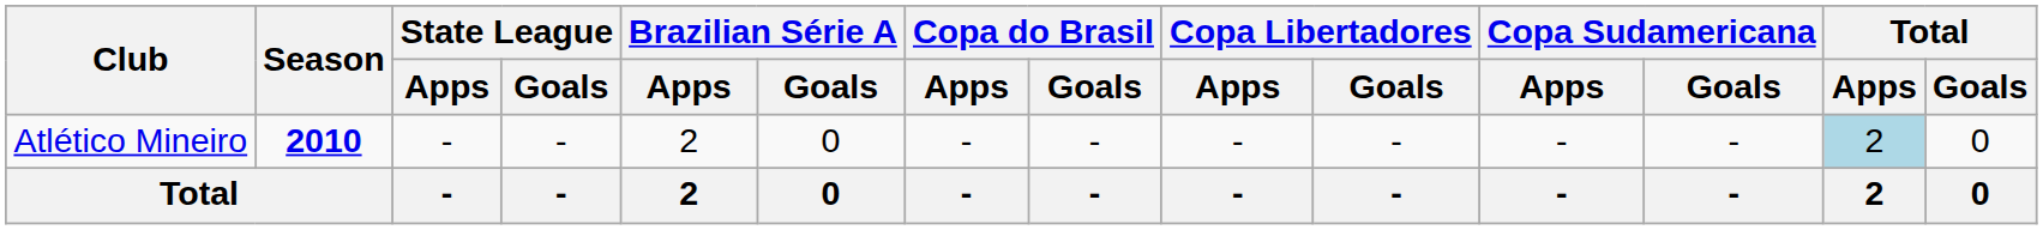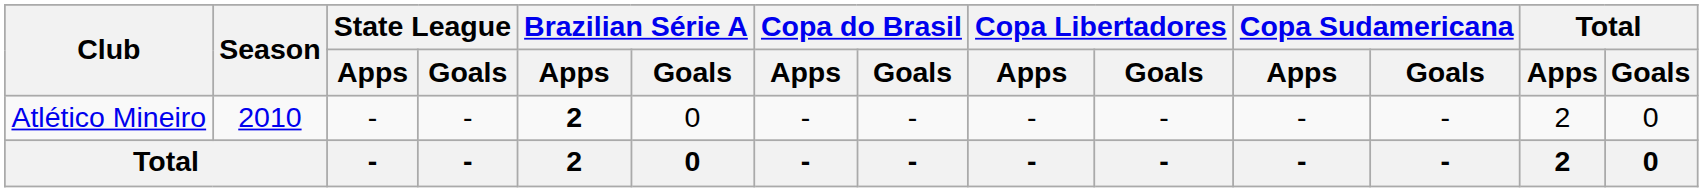 <table class="wikitable" style="text-align: center;">
 <tr>
 <th rowspan="2">Club</th>
 <th rowspan="2">Season</th>
 <th colspan="2">State League</th>
 <th colspan="2"><a href='#'>Brazilian Série A</a></th>
 <th colspan="2"><a href='#'>Copa do Brasil</a></th>
 <th colspan="2"><a href='#'>Copa Libertadores</a></th>
 <th colspan="2"><a href='#'>Copa Sudamericana</a></th>
 <th colspan="2">Total</th>
 </tr>
 <tr>
 <th>Apps</th>
 <th>Goals</th>
 <th>Apps</th>
 <th>Goals</th>
 <th>Apps</th>
 <th>Goals</th>
 <th>Apps</th>
 <th>Goals</th>
 <th>Apps</th>
 <th>Goals</th>
 <th>Apps</th>
 <th>Goals</th>
 </tr>
 <tr>
 <td rowspan="1" valign="center"><a href='#'>Atlético Mineiro</a></td>
-<td><strong><a href='#'>2010</a></strong></td>
+<td><a href='#'>2010</a></td>
 <td>-</td>
 <td>-</td>
-<td>2</td>
+<td><strong>2</strong></td>
 <td>0</td>
 <td>-</td>
 <td>-</td>
 <td>-</td>
 <td>-</td>
 <td>-</td>
 <td>-</td>
-<td style="background: lightblue;">2</td>
+<td>2</td>
 <td>0</td>
 </tr>
 <tr>
 <th colspan="2"><strong>Total</strong></th>
 <th>-</th>
 <th>-</th>
 <th>2</th>
 <th>0</th>
 <th>-</th>
 <th>-</th>
 <th>-</th>
 <th>-</th>
 <th>-</th>
 <th>-</th>
 <th>2</th>
 <th>0</th>
 </tr>
 </table>
